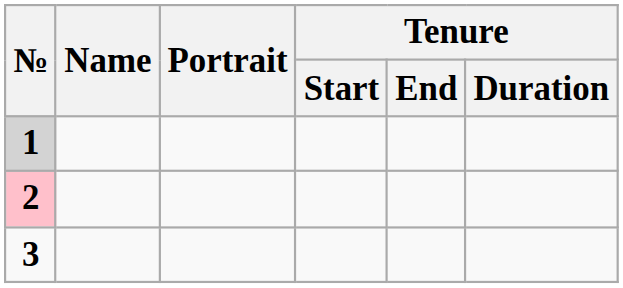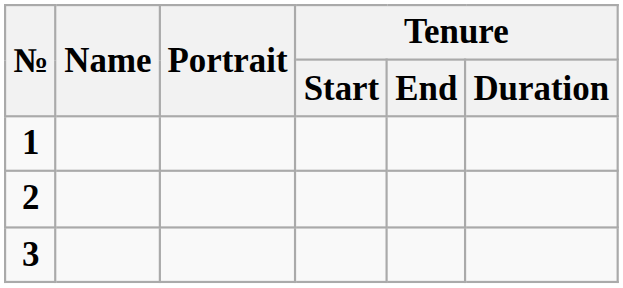 <table class="wikitable" style="text-align:center;">
 <tr>
 <th rowspan="2">№</th>
 <th rowspan="2">Name<br></th>
 <th rowspan="2">Portrait</th>
 <th colspan="3">Tenure</th>
 </tr>
 <tr>
 <th>Start</th>
 <th>End</th>
 <th>Duration</th>
 </tr>
 <tr>
-<td style="background: lightgrey;"><strong>1</strong></td>
+<td><strong>1</strong></td>
 <td><strong></strong><br></td>
 <td></td>
 <td></td>
 <td></td>
 <td></td>
 </tr>
 <tr>
-<td style="background: pink;"><strong>2</strong></td>
+<td><strong>2</strong></td>
 <td><strong></strong><br></td>
 <td></td>
 <td></td>
 <td></td>
 <td></td>
 </tr>
 <tr>
 <td><strong>3</strong></td>
 <td><strong></strong><br></td>
 <td></td>
 <td></td>
 <td></td>
 <td></td>
 </tr>
 </table>
